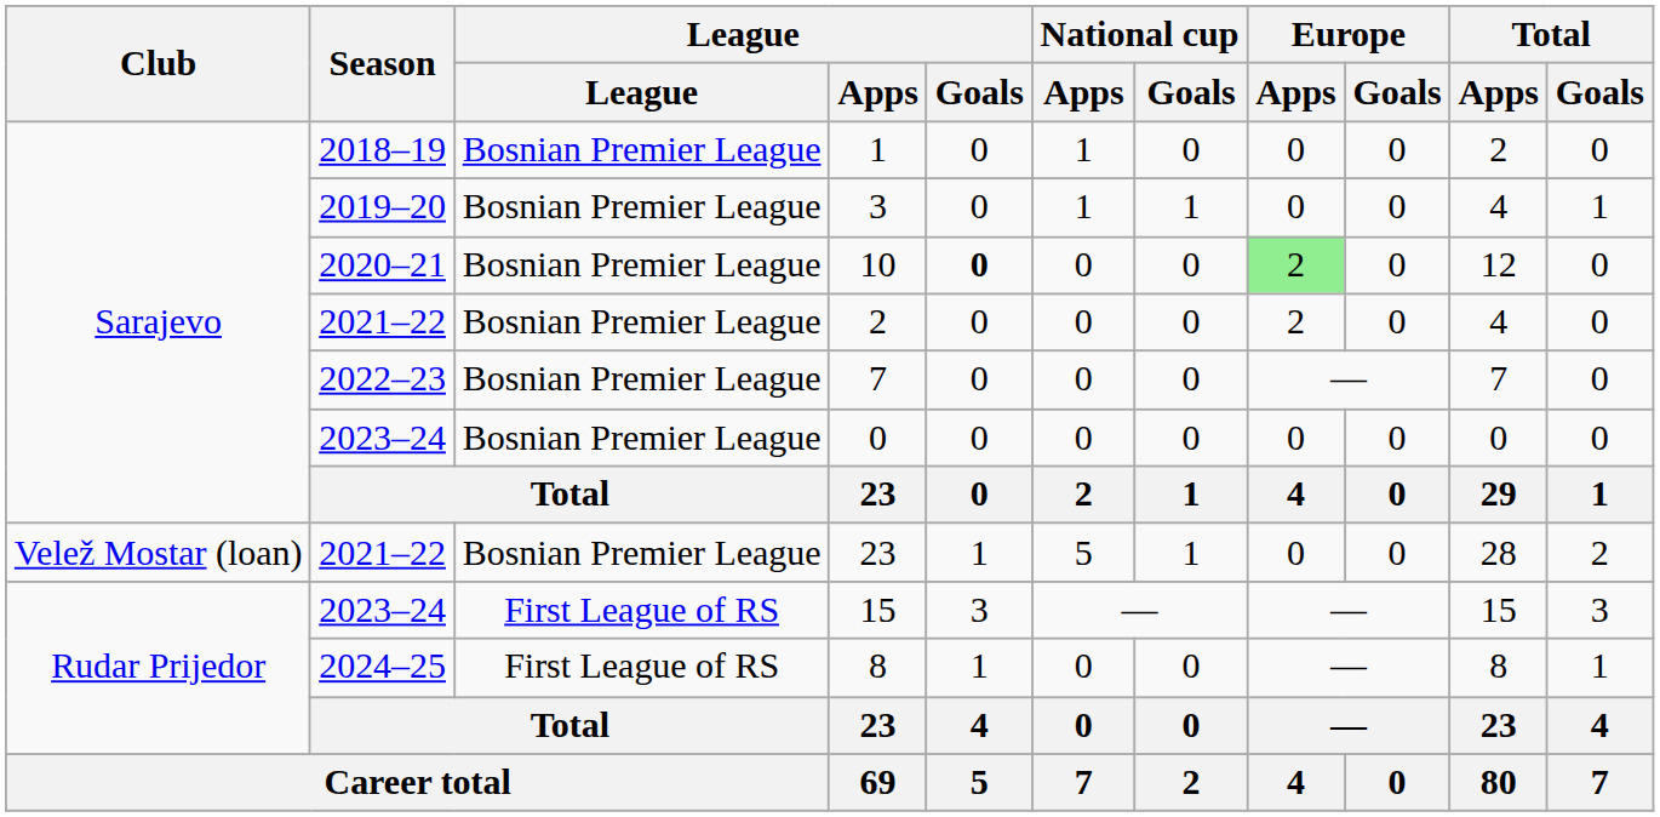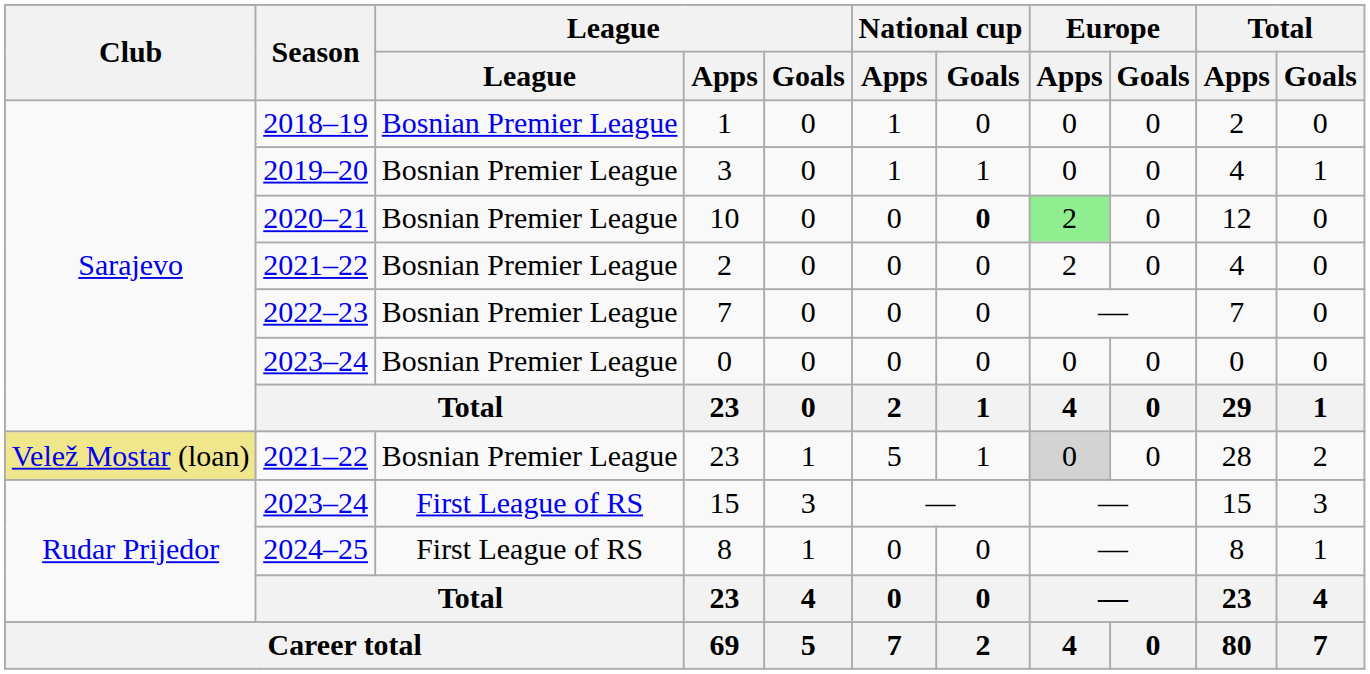 <table class="wikitable" style="text-align:center">
 <tr>
 <th rowspan=2>Club</th>
 <th rowspan=2>Season</th>
 <th colspan=3>League</th>
 <th colspan=2>National cup</th>
 <th colspan=2>Europe</th>
 <th colspan=2>Total</th>
 </tr>
 <tr>
 <th>League</th>
 <th>Apps</th>
 <th>Goals</th>
 <th>Apps</th>
 <th>Goals</th>
 <th>Apps</th>
 <th>Goals</th>
 <th>Apps</th>
 <th>Goals</th>
 </tr>
 <tr>
 <td rowspan=7><a href='#'>Sarajevo</a></td>
 <td><a href='#'>2018–19</a></td>
 <td><a href='#'>Bosnian Premier League</a></td>
 <td>1</td>
 <td>0</td>
 <td>1</td>
 <td>0</td>
 <td>0</td>
 <td>0</td>
 <td>2</td>
 <td>0</td>
 </tr>
 <tr>
 <td><a href='#'>2019–20</a></td>
 <td>Bosnian Premier League</td>
 <td>3</td>
 <td>0</td>
 <td>1</td>
 <td>1</td>
 <td>0</td>
 <td>0</td>
 <td>4</td>
 <td>1</td>
 </tr>
 <tr>
 <td><a href='#'>2020–21</a></td>
 <td>Bosnian Premier League</td>
 <td>10</td>
-<td><strong>0</strong></td>
 <td>0</td>
 <td>0</td>
+<td><strong>0</strong></td>
 <td style="background: lightgreen;">2</td>
 <td>0</td>
 <td>12</td>
 <td>0</td>
 </tr>
 <tr>
 <td><a href='#'>2021–22</a></td>
 <td>Bosnian Premier League</td>
 <td>2</td>
 <td>0</td>
 <td>0</td>
 <td>0</td>
 <td>2</td>
 <td>0</td>
 <td>4</td>
 <td>0</td>
 </tr>
 <tr>
 <td><a href='#'>2022–23</a></td>
 <td>Bosnian Premier League</td>
 <td>7</td>
 <td>0</td>
 <td>0</td>
 <td>0</td>
 <td colspan=2>—</td>
 <td>7</td>
 <td>0</td>
 </tr>
 <tr>
 <td><a href='#'>2023–24</a></td>
 <td>Bosnian Premier League</td>
 <td>0</td>
 <td>0</td>
 <td>0</td>
 <td>0</td>
 <td>0</td>
 <td>0</td>
 <td>0</td>
 <td>0</td>
 </tr>
 <tr>
 <th colspan=2>Total</th>
 <th>23</th>
 <th>0</th>
 <th>2</th>
 <th>1</th>
 <th>4</th>
 <th>0</th>
 <th>29</th>
 <th>1</th>
 </tr>
 <tr>
-<td><a href='#'>Velež Mostar</a> (loan)</td>
+<td style="background: khaki;"><a href='#'>Velež Mostar</a> (loan)</td>
 <td><a href='#'>2021–22</a></td>
 <td>Bosnian Premier League</td>
 <td>23</td>
 <td>1</td>
 <td>5</td>
 <td>1</td>
-<td>0</td>
+<td style="background: lightgrey;">0</td>
 <td>0</td>
 <td>28</td>
 <td>2</td>
 </tr>
 <tr>
 <td rowspan=3><a href='#'>Rudar Prijedor</a></td>
 <td><a href='#'>2023–24</a></td>
 <td><a href='#'>First League of RS</a></td>
 <td>15</td>
 <td>3</td>
 <td colspan=2>—</td>
 <td colspan=2>—</td>
 <td>15</td>
 <td>3</td>
 </tr>
 <tr>
 <td><a href='#'>2024–25</a></td>
 <td>First League of RS</td>
 <td>8</td>
 <td>1</td>
 <td>0</td>
 <td>0</td>
 <td colspan=2>—</td>
 <td>8</td>
 <td>1</td>
 </tr>
 <tr>
 <th colspan=2>Total</th>
 <th>23</th>
 <th>4</th>
 <th>0</th>
 <th>0</th>
 <th colspan=2>—</th>
 <th>23</th>
 <th>4</th>
 </tr>
 <tr>
 <th colspan=3>Career total</th>
 <th>69</th>
 <th>5</th>
 <th>7</th>
 <th>2</th>
 <th>4</th>
 <th>0</th>
 <th>80</th>
 <th>7</th>
 </tr>
 </table>
